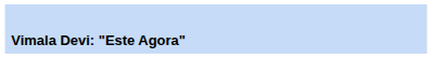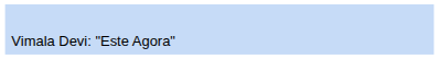 <table class="toccolours" style="float: left; margin-left: 1em; margin-right: 2em; font-size: 90%; background:#c6dbf7; width:30em; max-width: 40%;" cellspacing="5">
 <tr>
 <td style="text-align: left;"><br></td>
 </tr>
 <tr>
-<td style="text-align: left;"><strong>Vimala Devi: "Este Agora"</strong></td>
+<td style="text-align: left;">Vimala Devi: "Este Agora"</td>
 </tr>
 </table>
